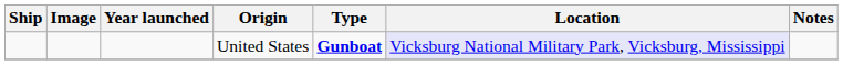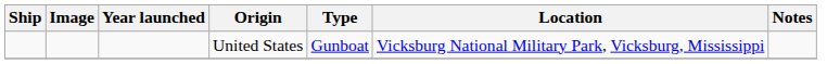 <table class="wikitable sortable">
 <tr>
 <th>Ship</th>
 <th>Image</th>
 <th>Year launched</th>
 <th>Origin</th>
 <th>Type</th>
 <th>Location</th>
 <th>Notes</th>
 </tr>
 <tr>
 <td data-sort-value=Cairo></td>
 <td></td>
 <td></td>
 <td> United States</td>
-<td><strong><a href='#'>Gunboat</a></strong></td>
-<td style="background: lavender;"><a href='#'>Vicksburg National Military Park</a>, <a href='#'>Vicksburg, Mississippi</a><br></td>
+<td><a href='#'>Gunboat</a></td>
+<td><a href='#'>Vicksburg National Military Park</a>, <a href='#'>Vicksburg, Mississippi</a><br></td>
 <td></td>
 </tr>
 <tr>
 </tr>
 </table>
